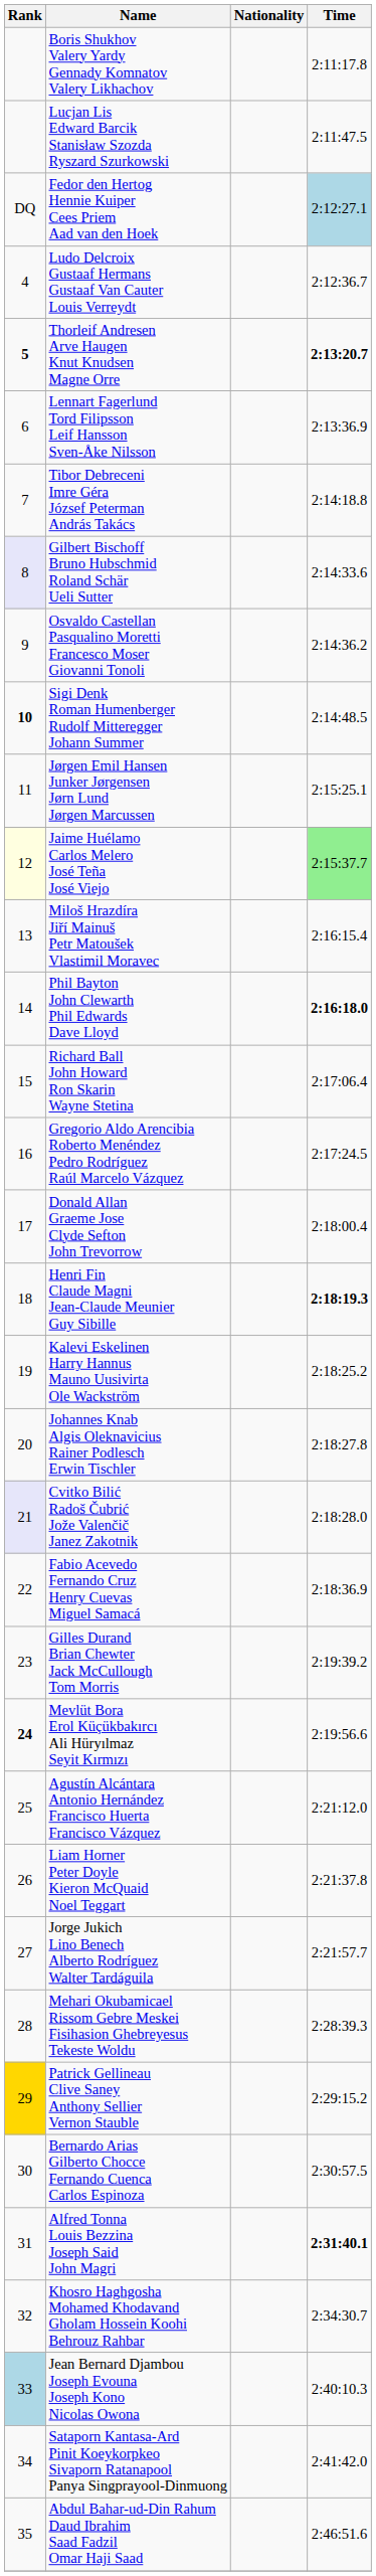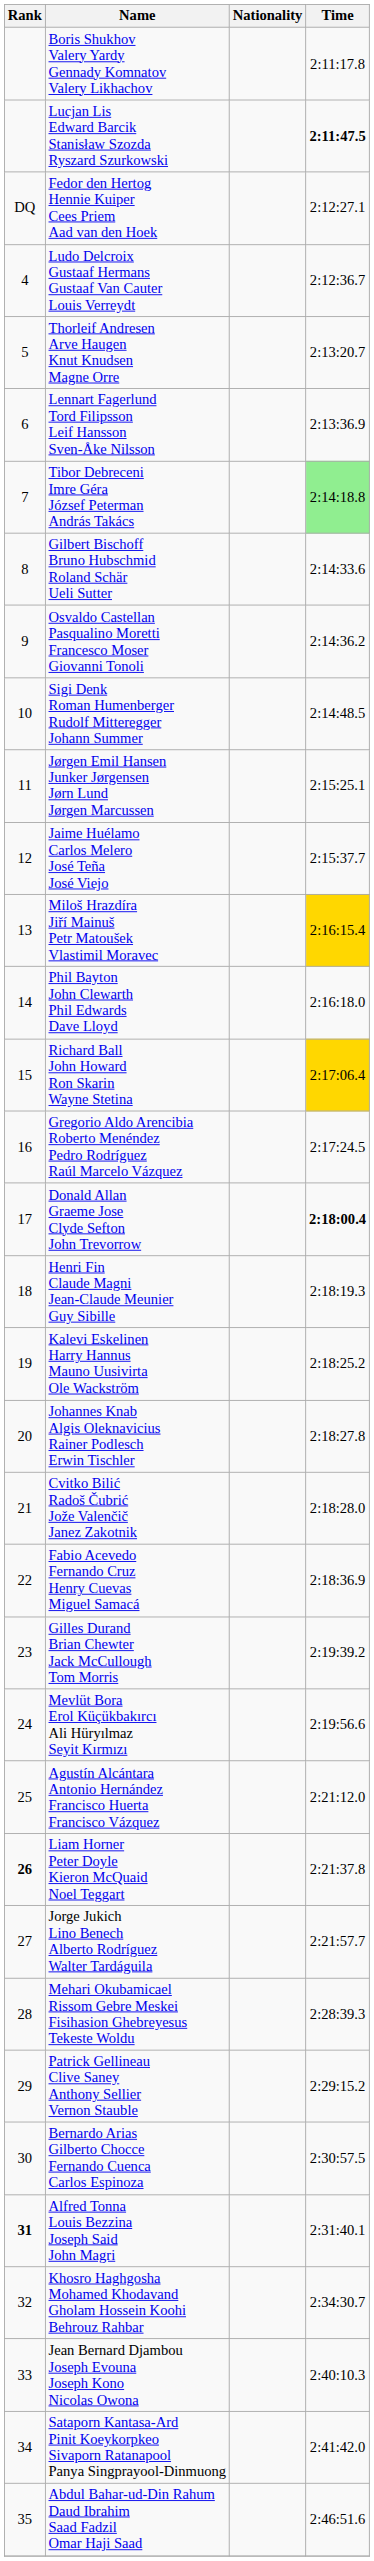 <table class="wikitable sortable" style="text-align:center">
 <tr>
 <th>Rank</th>
 <th>Name</th>
 <th>Nationality</th>
 <th>Time</th>
 </tr>
 <tr>
 <td></td>
 <td align=left><a href='#'>Boris Shukhov</a><br><a href='#'>Valery Yardy</a><br><a href='#'>Gennady Komnatov</a><br><a href='#'>Valery Likhachov</a></td>
 <td align=left></td>
 <td>2:11:17.8</td>
 </tr>
 <tr>
 <td></td>
 <td align=left><a href='#'>Lucjan Lis</a><br><a href='#'>Edward Barcik</a><br><a href='#'>Stanisław Szozda</a><br><a href='#'>Ryszard Szurkowski</a></td>
 <td align=left></td>
-<td>2:11:47.5</td>
+<td><strong>2:11:47.5</strong></td>
 </tr>
 <tr>
 <td>DQ</td>
 <td align=left><a href='#'>Fedor den Hertog</a><br><a href='#'>Hennie Kuiper</a><br><a href='#'>Cees Priem</a><br><a href='#'>Aad van den Hoek</a></td>
 <td align=left></td>
-<td style="background: lightblue;">2:12:27.1</td>
+<td>2:12:27.1</td>
 </tr>
 <tr>
 <td>4</td>
 <td align=left><a href='#'>Ludo Delcroix</a><br><a href='#'>Gustaaf Hermans</a><br><a href='#'>Gustaaf Van Cauter</a><br><a href='#'>Louis Verreydt</a></td>
 <td align=left></td>
 <td>2:12:36.7</td>
 </tr>
 <tr>
-<td><strong>5</strong></td>
+<td>5</td>
 <td align=left><a href='#'>Thorleif Andresen</a><br><a href='#'>Arve Haugen</a><br><a href='#'>Knut Knudsen</a><br><a href='#'>Magne Orre</a></td>
 <td align=left></td>
-<td><strong>2:13:20.7</strong></td>
+<td>2:13:20.7</td>
 </tr>
 <tr>
 <td>6</td>
 <td align=left><a href='#'>Lennart Fagerlund</a><br><a href='#'>Tord Filipsson</a><br><a href='#'>Leif Hansson</a><br><a href='#'>Sven-Åke Nilsson</a></td>
 <td align=left></td>
 <td>2:13:36.9</td>
 </tr>
 <tr>
 <td>7</td>
 <td align=left><a href='#'>Tibor Debreceni</a><br><a href='#'>Imre Géra</a><br><a href='#'>József Peterman</a><br><a href='#'>András Takács</a></td>
 <td align=left></td>
-<td>2:14:18.8</td>
+<td style="background: lightgreen;">2:14:18.8</td>
 </tr>
 <tr>
-<td style="background: lavender;">8</td>
+<td>8</td>
 <td align=left><a href='#'>Gilbert Bischoff</a><br><a href='#'>Bruno Hubschmid</a><br><a href='#'>Roland Schär</a><br><a href='#'>Ueli Sutter</a></td>
 <td align=left></td>
 <td>2:14:33.6</td>
 </tr>
 <tr>
 <td>9</td>
 <td align=left><a href='#'>Osvaldo Castellan</a><br><a href='#'>Pasqualino Moretti</a><br><a href='#'>Francesco Moser</a><br><a href='#'>Giovanni Tonoli</a></td>
 <td align=left></td>
 <td>2:14:36.2</td>
 </tr>
 <tr>
-<td><strong>10</strong></td>
+<td>10</td>
 <td align=left><a href='#'>Sigi Denk</a><br><a href='#'>Roman Humenberger</a><br><a href='#'>Rudolf Mitteregger</a><br><a href='#'>Johann Summer</a></td>
 <td align=left></td>
 <td>2:14:48.5</td>
 </tr>
 <tr>
 <td>11</td>
 <td align=left><a href='#'>Jørgen Emil Hansen</a><br><a href='#'>Junker Jørgensen</a><br><a href='#'>Jørn Lund</a><br><a href='#'>Jørgen Marcussen</a></td>
 <td align=left></td>
 <td>2:15:25.1</td>
 </tr>
 <tr>
-<td style="background: lightyellow;">12</td>
+<td>12</td>
 <td align=left><a href='#'>Jaime Huélamo</a><br><a href='#'>Carlos Melero</a><br><a href='#'>José Teña</a><br><a href='#'>José Viejo</a></td>
 <td align=left></td>
-<td style="background: lightgreen;">2:15:37.7</td>
+<td>2:15:37.7</td>
 </tr>
 <tr>
 <td>13</td>
 <td align=left><a href='#'>Miloš Hrazdíra</a><br><a href='#'>Jiří Mainuš</a><br><a href='#'>Petr Matoušek</a><br><a href='#'>Vlastimil Moravec</a></td>
 <td align=left></td>
-<td>2:16:15.4</td>
+<td style="background: gold;">2:16:15.4</td>
 </tr>
 <tr>
 <td>14</td>
 <td align=left><a href='#'>Phil Bayton</a><br><a href='#'>John Clewarth</a><br><a href='#'>Phil Edwards</a><br><a href='#'>Dave Lloyd</a></td>
 <td align=left></td>
-<td><strong>2:16:18.0</strong></td>
+<td>2:16:18.0</td>
 </tr>
 <tr>
 <td>15</td>
 <td align=left><a href='#'>Richard Ball</a><br><a href='#'>John Howard</a><br><a href='#'>Ron Skarin</a><br><a href='#'>Wayne Stetina</a></td>
 <td align=left></td>
-<td>2:17:06.4</td>
+<td style="background: gold;">2:17:06.4</td>
 </tr>
 <tr>
 <td>16</td>
 <td align=left><a href='#'>Gregorio Aldo Arencibia</a><br><a href='#'>Roberto Menéndez</a><br><a href='#'>Pedro Rodríguez</a><br><a href='#'>Raúl Marcelo Vázquez</a></td>
 <td align=left></td>
 <td>2:17:24.5</td>
 </tr>
 <tr>
 <td>17</td>
 <td align=left><a href='#'>Donald Allan</a><br><a href='#'>Graeme Jose</a><br><a href='#'>Clyde Sefton</a><br><a href='#'>John Trevorrow</a></td>
 <td align=left></td>
-<td>2:18:00.4</td>
+<td><strong>2:18:00.4</strong></td>
 </tr>
 <tr>
 <td>18</td>
 <td align=left><a href='#'>Henri Fin</a><br><a href='#'>Claude Magni</a><br><a href='#'>Jean-Claude Meunier</a><br><a href='#'>Guy Sibille</a></td>
 <td align=left></td>
-<td><strong>2:18:19.3</strong></td>
+<td>2:18:19.3</td>
 </tr>
 <tr>
 <td>19</td>
 <td align=left><a href='#'>Kalevi Eskelinen</a><br><a href='#'>Harry Hannus</a><br><a href='#'>Mauno Uusivirta</a><br><a href='#'>Ole Wackström</a></td>
 <td align=left></td>
 <td>2:18:25.2</td>
 </tr>
 <tr>
 <td>20</td>
 <td align=left><a href='#'>Johannes Knab</a><br><a href='#'>Algis Oleknavicius</a><br><a href='#'>Rainer Podlesch</a><br><a href='#'>Erwin Tischler</a></td>
 <td align=left></td>
 <td>2:18:27.8</td>
 </tr>
 <tr>
-<td style="background: lavender;">21</td>
+<td>21</td>
 <td align=left><a href='#'>Cvitko Bilić</a><br><a href='#'>Radoš Čubrić</a><br><a href='#'>Jože Valenčič</a><br><a href='#'>Janez Zakotnik</a></td>
 <td align=left></td>
 <td>2:18:28.0</td>
 </tr>
 <tr>
 <td>22</td>
 <td align=left><a href='#'>Fabio Acevedo</a><br><a href='#'>Fernando Cruz</a><br><a href='#'>Henry Cuevas</a><br><a href='#'>Miguel Samacá</a></td>
 <td align=left></td>
 <td>2:18:36.9</td>
 </tr>
 <tr>
 <td>23</td>
 <td align=left><a href='#'>Gilles Durand</a><br><a href='#'>Brian Chewter</a><br><a href='#'>Jack McCullough</a><br><a href='#'>Tom Morris</a></td>
 <td align=left></td>
 <td>2:19:39.2</td>
 </tr>
 <tr>
-<td><strong>24</strong></td>
+<td>24</td>
 <td align=left><a href='#'>Mevlüt Bora</a><br><a href='#'>Erol Küçükbakırcı</a><br>Ali Hüryılmaz<br><a href='#'>Seyit Kırmızı</a></td>
 <td align=left></td>
 <td>2:19:56.6</td>
 </tr>
 <tr>
 <td>25</td>
 <td align=left><a href='#'>Agustín Alcántara</a><br><a href='#'>Antonio Hernández</a><br><a href='#'>Francisco Huerta</a><br><a href='#'>Francisco Vázquez</a></td>
 <td align=left></td>
 <td>2:21:12.0</td>
 </tr>
 <tr>
-<td>26</td>
+<td><strong>26</strong></td>
 <td align=left><a href='#'>Liam Horner</a><br><a href='#'>Peter Doyle</a><br><a href='#'>Kieron McQuaid</a><br><a href='#'>Noel Teggart</a></td>
 <td align=left></td>
 <td>2:21:37.8</td>
 </tr>
 <tr>
 <td>27</td>
 <td align=left>Jorge Jukich<br><a href='#'>Lino Benech</a><br><a href='#'>Alberto Rodríguez</a><br><a href='#'>Walter Tardáguila</a></td>
 <td align=left></td>
 <td>2:21:57.7</td>
 </tr>
 <tr>
 <td>28</td>
 <td align=left><a href='#'>Mehari Okubamicael</a><br><a href='#'>Rissom Gebre Meskei</a><br><a href='#'>Fisihasion Ghebreyesus</a><br><a href='#'>Tekeste Woldu</a></td>
 <td align=left></td>
 <td>2:28:39.3</td>
 </tr>
 <tr>
-<td style="background: gold;">29</td>
+<td>29</td>
 <td align=left><a href='#'>Patrick Gellineau</a><br><a href='#'>Clive Saney</a><br><a href='#'>Anthony Sellier</a><br><a href='#'>Vernon Stauble</a></td>
 <td align=left></td>
 <td>2:29:15.2</td>
 </tr>
 <tr>
 <td>30</td>
 <td align=left><a href='#'>Bernardo Arias</a><br><a href='#'>Gilberto Chocce</a><br><a href='#'>Fernando Cuenca</a><br><a href='#'>Carlos Espinoza</a></td>
 <td align=left></td>
 <td>2:30:57.5</td>
 </tr>
 <tr>
-<td>31</td>
+<td><strong>31</strong></td>
 <td align=left><a href='#'>Alfred Tonna</a><br><a href='#'>Louis Bezzina</a><br><a href='#'>Joseph Said</a><br><a href='#'>John Magri</a></td>
 <td align=left></td>
-<td><strong>2:31:40.1</strong></td>
+<td>2:31:40.1</td>
 </tr>
 <tr>
 <td>32</td>
 <td align=left><a href='#'>Khosro Haghgosha</a><br><a href='#'>Mohamed Khodavand</a><br><a href='#'>Gholam Hossein Koohi</a><br><a href='#'>Behrouz Rahbar</a></td>
 <td align=left></td>
 <td>2:34:30.7</td>
 </tr>
 <tr>
-<td style="background: lightblue;">33</td>
+<td>33</td>
 <td align=left>Jean Bernard Djambou<br><a href='#'>Joseph Evouna</a><br><a href='#'>Joseph Kono</a><br><a href='#'>Nicolas Owona</a></td>
 <td align=left></td>
 <td>2:40:10.3</td>
 </tr>
 <tr>
 <td>34</td>
 <td align=left><a href='#'>Sataporn Kantasa-Ard</a><br><a href='#'>Pinit Koeykorpkeo</a><br><a href='#'>Sivaporn Ratanapool</a><br>Panya Singprayool-Dinmuong</td>
 <td align=left></td>
 <td>2:41:42.0</td>
 </tr>
 <tr>
 <td>35</td>
 <td align=left><a href='#'>Abdul Bahar-ud-Din Rahum</a><br><a href='#'>Daud Ibrahim</a><br><a href='#'>Saad Fadzil</a><br><a href='#'>Omar Haji Saad</a></td>
 <td align=left></td>
 <td>2:46:51.6</td>
 </tr>
 <tr>
 </tr>
 </table>
